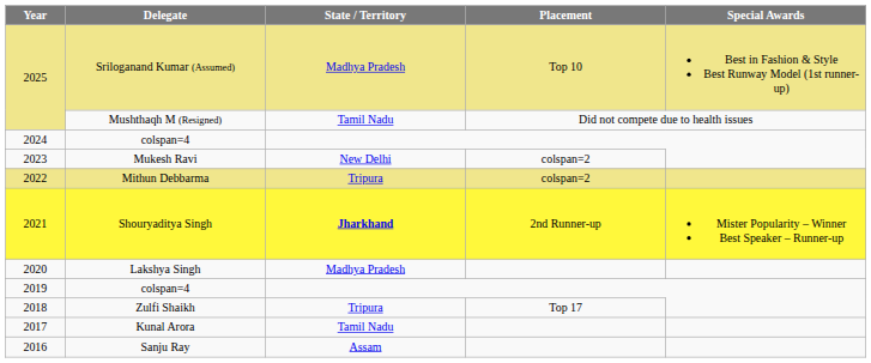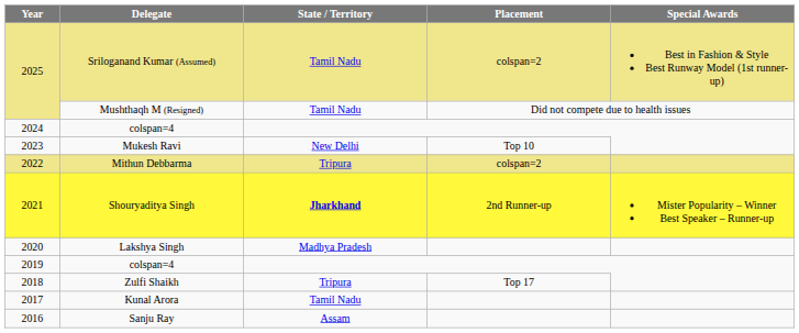 <table class="wikitable sortable" style="font-size: 95%; text-align:center">
 <tr>
 <th width="70" style="background-color:#787878;color:#FFFFFF;">Year</th>
 <th width="250" style="background-color:#787878;color:#FFFFFF;">Delegate</th>
 <th width="250" style="background-color:#787878;color:#FFFFFF;">State / Territory</th>
 <th width="250" style="background-color:#787878;color:#FFFFFF;">Placement</th>
 <th width="250" style="background-color:#787878;color:#FFFFFF;">Special Awards</th>
 </tr>
 <tr style="background:khaki;">
 <td rowspan="2"> 2025</td>
 <td>Sriloganand Kumar <small>(Assumed)</small></td>
-<td><a href='#'>Madhya Pradesh</a></td>
-<td>Top 10</td>
+<td><a href='#'>Tamil Nadu</a></td>
+<td>colspan=2 </td>
 <td><br><ul><li>Best in Fashion & Style</li><li>Best Runway Model (1st runner-up)</li></ul></td>
 </tr>
 <tr>
 <td>Mushthaqh M <small>(Resigned)</small></td>
 <td><a href='#'>Tamil Nadu</a></td>
 <td colspan=2>Did not compete due to health issues</td>
 </tr>
 <tr>
 <td>2024</td>
 <td>colspan=4 </td>
 </tr>
 <tr>
 <td> 2023</td>
 <td>Mukesh Ravi</td>
 <td><a href='#'>New Delhi</a></td>
-<td>colspan=2 </td>
+<td>Top 10</td>
 </tr>
 <tr style="background:khaki;">
 <td> 2022</td>
 <td>Mithun Debbarma</td>
 <td><a href='#'>Tripura</a></td>
 <td>colspan=2 </td>
 <td></td>
 </tr>
 <tr style="background:#FFF83B;">
 <td> 2021</td>
 <td>Shouryaditya Singh</td>
 <td><strong><a href='#'>Jharkhand</a></strong></td>
 <td>2nd Runner-up</td>
 <td><br><ul><li>Mister Popularity – Winner</li><li>Best Speaker – Runner-up</li></ul></td>
 </tr>
 <tr>
 <td> 2020</td>
 <td>Lakshya Singh</td>
 <td><a href='#'>Madhya Pradesh</a></td>
 <td></td>
 <td></td>
 </tr>
 <tr>
 <td>2019</td>
 <td>colspan=4 </td>
 </tr>
 <tr>
 <td> 2018</td>
 <td>Zulfi Shaikh</td>
 <td><a href='#'>Tripura</a></td>
 <td>Top 17</td>
 </tr>
 <tr>
 <td> 2017</td>
 <td>Kunal Arora</td>
 <td><a href='#'>Tamil Nadu</a></td>
 <td></td>
 <td></td>
 </tr>
 <tr>
 <td> 2016</td>
 <td>Sanju Ray</td>
 <td><a href='#'>Assam</a></td>
 <td></td>
 <td></td>
 </tr>
 </table>
